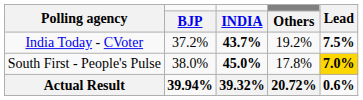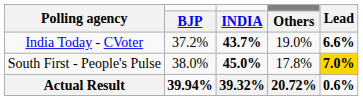 <table class="wikitable" style="text-align:center;font-size:95%;line-height:16px;">
 <tr>
 <th rowspan="2">Polling agency</th>
 <td></td>
 <td></td>
 <td style="background:gray;"></td>
 <th rowspan="2">Lead</th>
 </tr>
 <tr>
 <th><a href='#'>BJP</a></th>
 <th><a href='#'>INDIA</a></th>
 <th>Others</th>
 </tr>
 <tr>
 <td><a href='#'>India Today</a> - <a href='#'>CVoter</a></td>
 <td>37.2%</td>
 <td><strong>43.7%</strong></td>
-<td>19.2%</td>
-<td><strong>7.5%</strong></td>
+<td>19.0%</td>
+<td><strong>6.6%</strong></td>
 </tr>
 <tr>
 <td>South First - People's Pulse</td>
 <td>38.0%</td>
 <td><strong>45.0%</strong></td>
 <td>17.8%</td>
 <td style="background: gold;"><strong>7.0%</strong></td>
 </tr>
 <tr>
 <th>Actual Result</th>
 <td><strong>39.94%</strong></td>
 <th>39.32%</th>
 <th>20.72%</th>
 <td><strong>0.6%</strong></td>
 </tr>
 </table>
